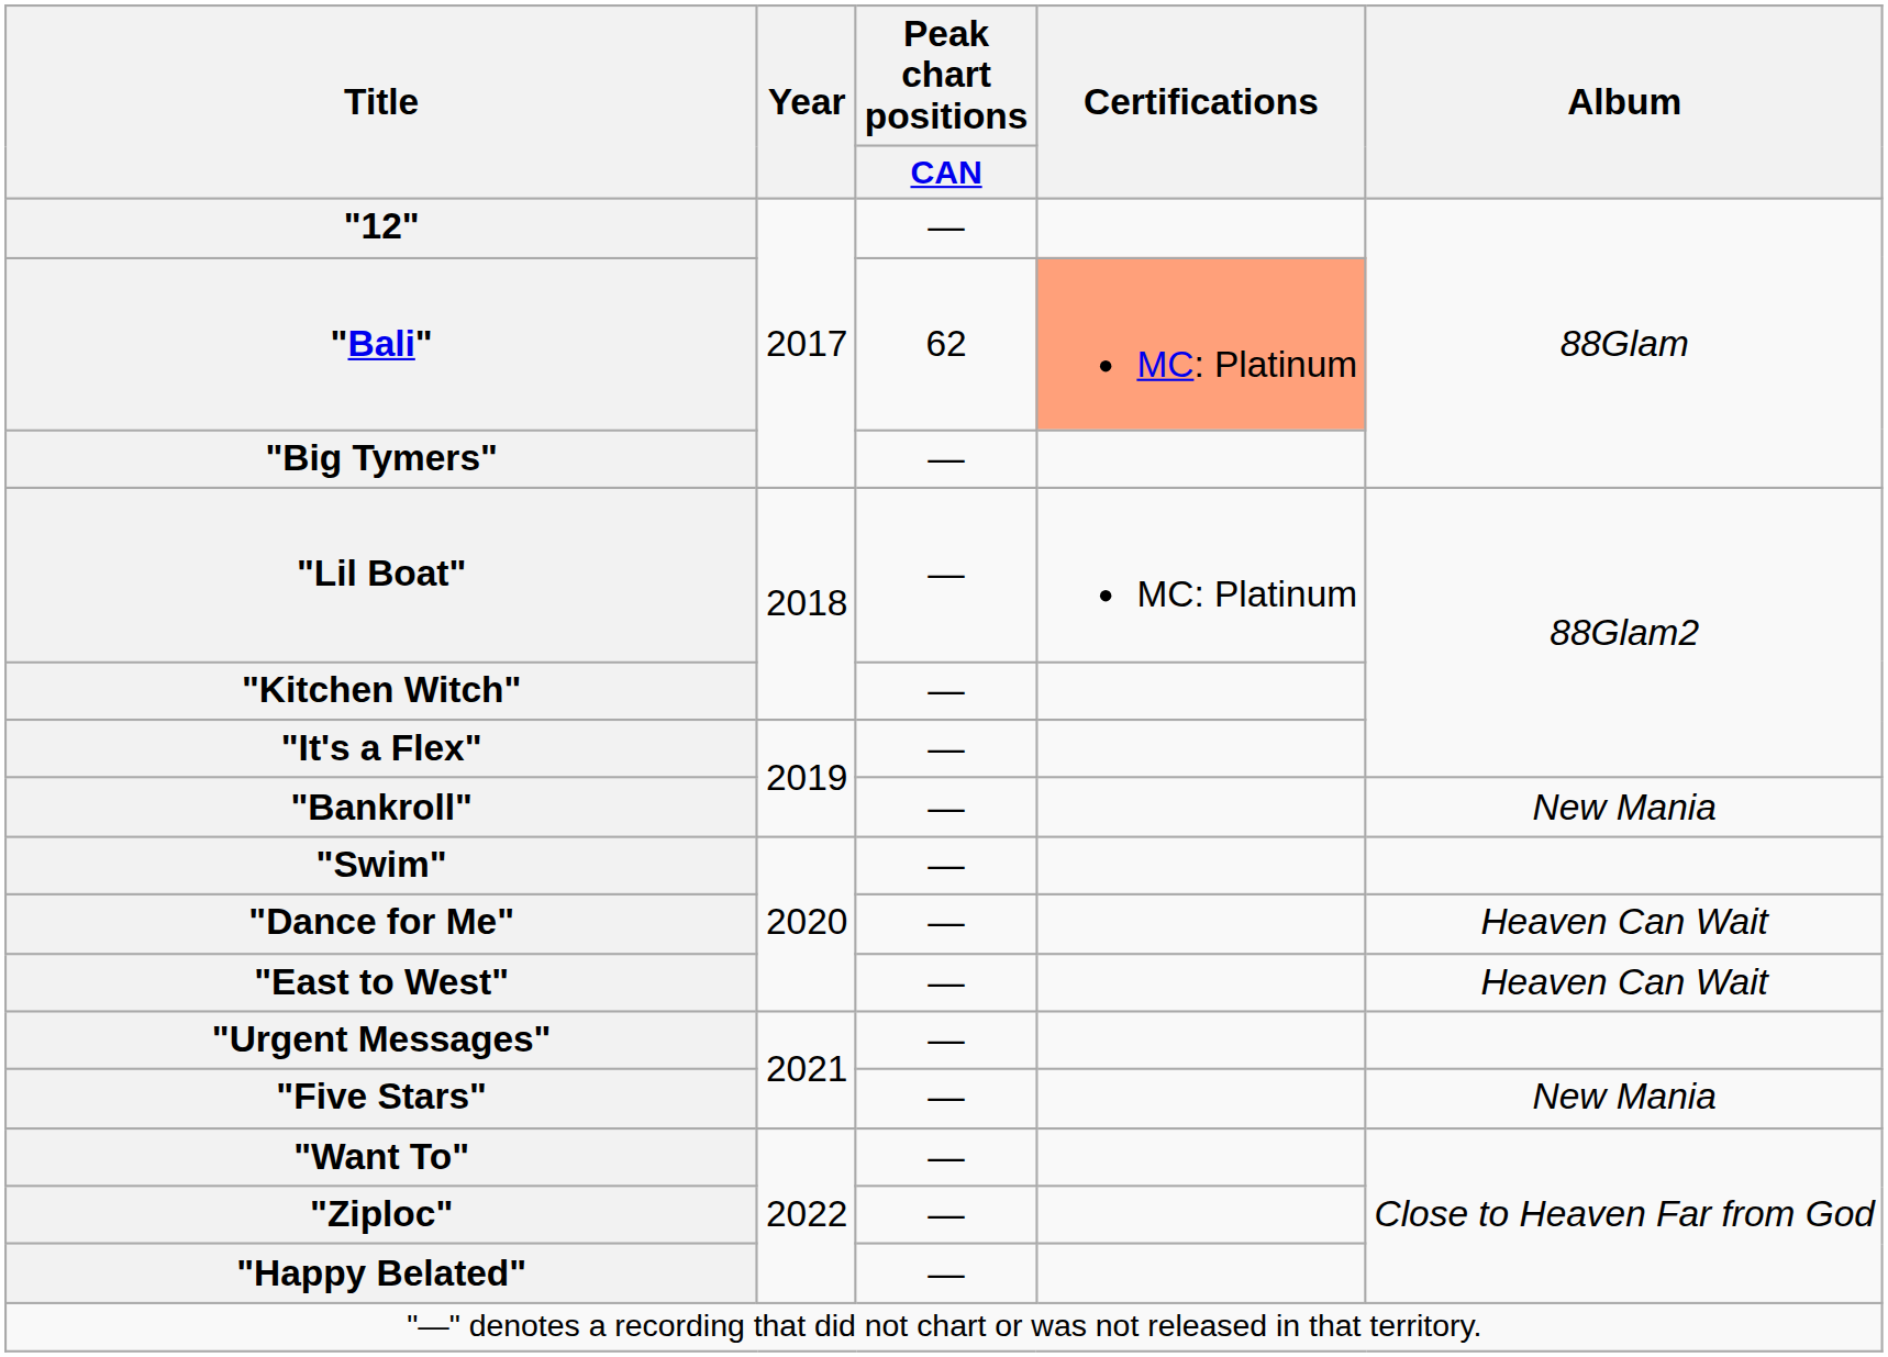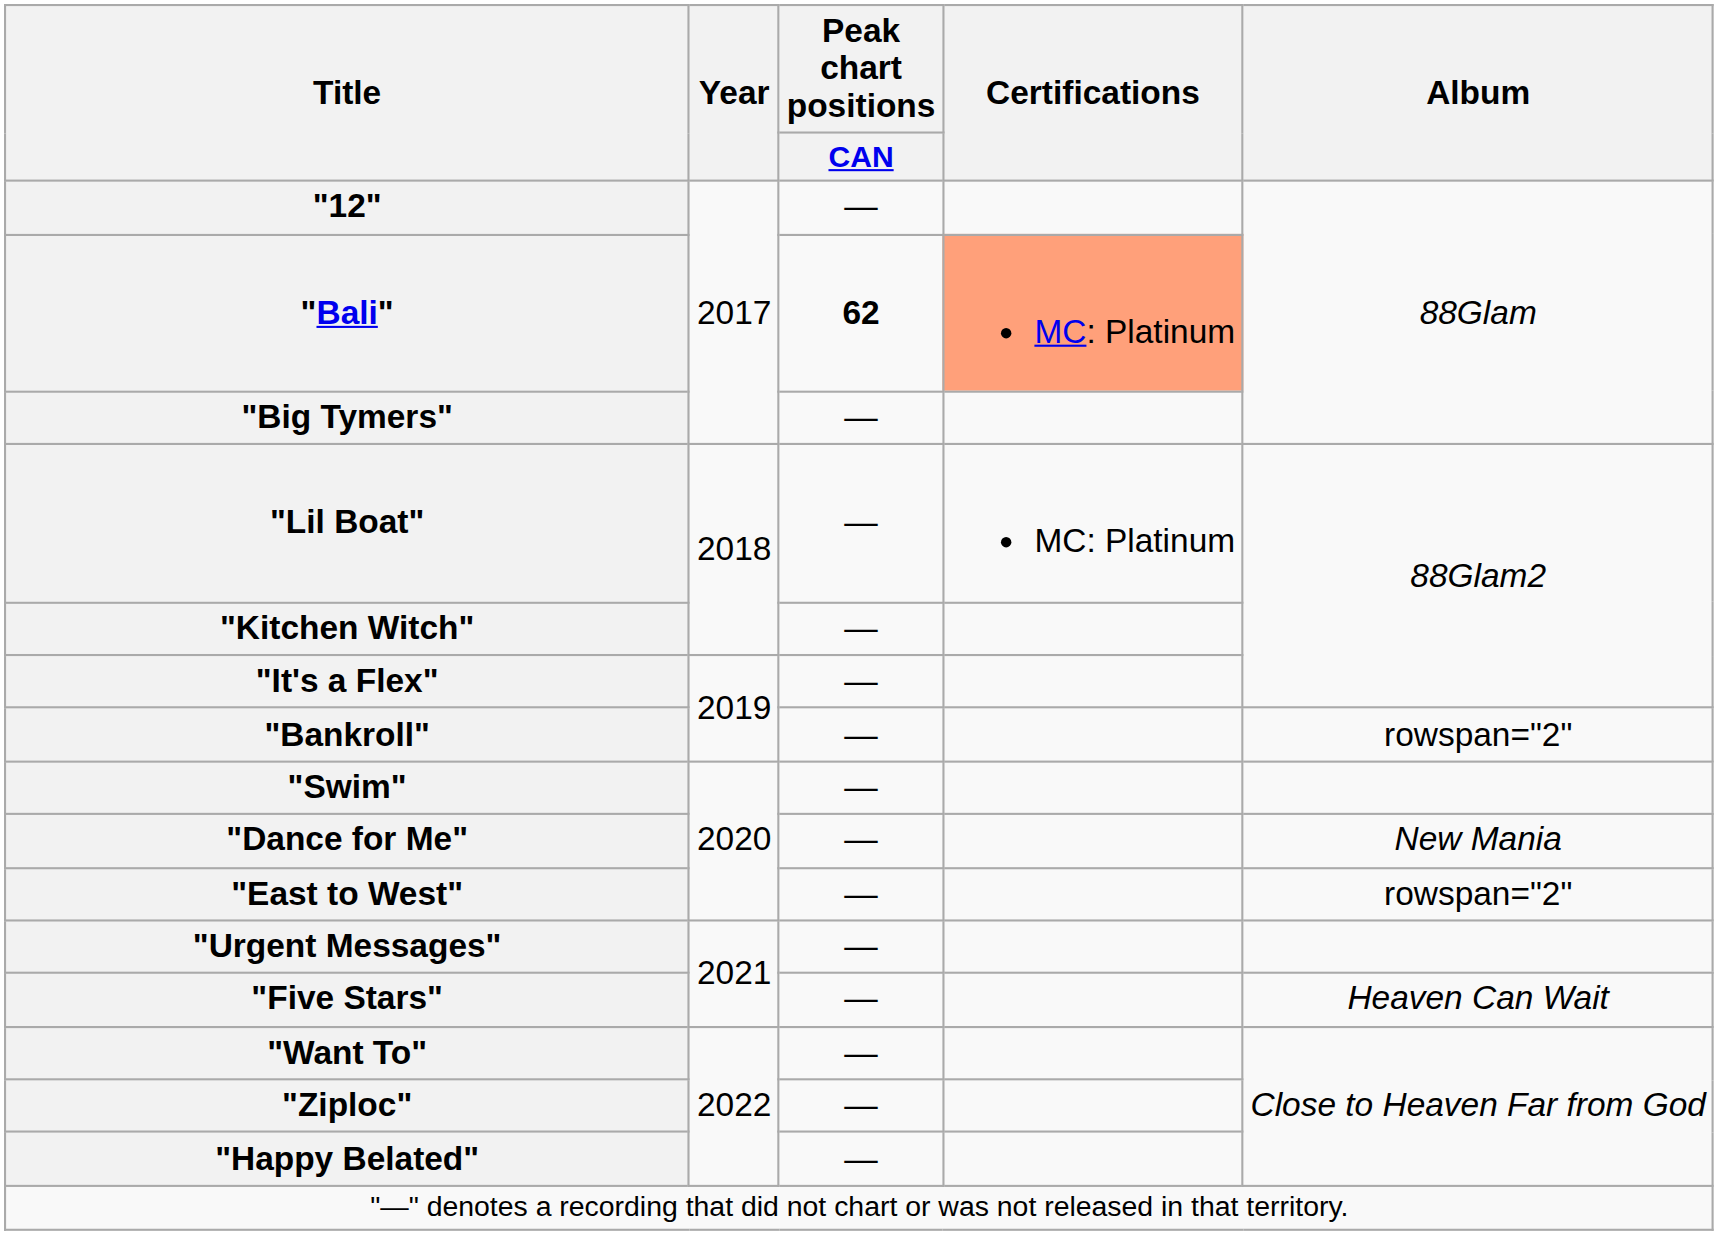 <table class="wikitable plainrowheaders" style="text-align:center;">
 <tr>
 <th scope="col" rowspan=2 style="width:20em;">Title</th>
 <th scope="col" rowspan=2>Year</th>
 <th scope="col" colspan="1">Peak chart positions</th>
 <th scope="col" rowspan=2>Certifications</th>
 <th scope="col" rowspan=2>Album</th>
 </tr>
 <tr>
 <th scope="col" style="width:3em;font-size:90%;"><a href='#'>CAN</a><br></th>
 </tr>
 <tr>
 <th scope="row">"12"</th>
 <td rowspan="3">2017</td>
 <td>—</td>
 <td></td>
 <td rowspan="3"><em>88Glam</em></td>
 </tr>
 <tr>
 <th scope="row">"<a href='#'>Bali</a>"<br></th>
-<td>62</td>
+<td><strong>62</strong></td>
 <td style="background: lightsalmon;"><br><ul><li><a href='#'>MC</a>: Platinum</li></ul></td>
 </tr>
 <tr>
 <th scope="row">"Big Tymers"</th>
 <td>—</td>
 <td></td>
 </tr>
 <tr>
 <th scope="row">"Lil Boat"</th>
 <td rowspan="2">2018</td>
 <td>—</td>
 <td><br><ul><li>MC: Platinum</li></ul></td>
 <td rowspan="3"><em>88Glam2</em></td>
 </tr>
 <tr>
 <th scope="row">"Kitchen Witch"</th>
 <td>—</td>
 <td></td>
 </tr>
 <tr>
 <th scope="row">"It's a Flex"<br></th>
 <td rowspan="2">2019</td>
 <td>—</td>
 <td></td>
 </tr>
 <tr>
 <th scope="row">"Bankroll"<br></th>
 <td>—</td>
 <td></td>
-<td><em>New Mania</em></td>
+<td>rowspan="2" </td>
 </tr>
 <tr>
 <th scope="row">"Swim"</th>
 <td rowspan="3">2020</td>
 <td>—</td>
 <td></td>
 </tr>
 <tr>
 <th scope="row">"Dance for Me"</th>
 <td>—</td>
 <td></td>
-<td><em>Heaven Can Wait</em></td>
+<td><em>New Mania</em></td>
 </tr>
 <tr>
 <th scope="row">"East to West"<br></th>
 <td>—</td>
 <td></td>
-<td><em>Heaven Can Wait</em></td>
+<td>rowspan="2" </td>
 </tr>
 <tr>
 <th scope="row">"Urgent Messages"<br></th>
 <td rowspan="2">2021</td>
 <td>—</td>
 <td></td>
 </tr>
 <tr>
 <th scope="row">"Five Stars"</th>
 <td>—</td>
 <td></td>
-<td><em>New Mania</em></td>
+<td><em>Heaven Can Wait</em></td>
 </tr>
 <tr>
 <th scope="row">"Want To"</th>
 <td rowspan="3">2022</td>
 <td>—</td>
 <td></td>
 <td rowspan="3"><em>Close to Heaven Far from God</em></td>
 </tr>
 <tr>
 <th scope="row">"Ziploc"</th>
 <td>—</td>
 <td></td>
 </tr>
 <tr>
 <th scope="row">"Happy Belated"</th>
 <td>—</td>
 <td></td>
 </tr>
 <tr>
 <td colspan="5" style="font-size:85%">"—" denotes a recording that did not chart or was not released in that territory.</td>
 </tr>
 </table>
